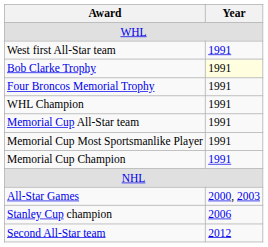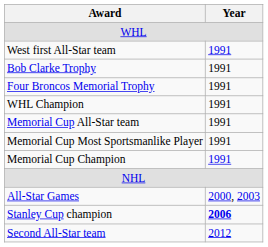 <table class="wikitable">
 <tr>
 <th>Award</th>
 <th>Year</th>
 </tr>
 <tr ALIGN="center" bgcolor="#e0e0e0">
 <td colspan="2"><a href='#'>WHL</a></td>
 </tr>
 <tr>
 <td>West first All-Star team</td>
 <td><a href='#'>1991</a></td>
 </tr>
 <tr>
 <td><a href='#'>Bob Clarke Trophy</a></td>
-<td style="background: lightyellow;">1991</td>
+<td>1991</td>
 </tr>
 <tr>
 <td><a href='#'>Four Broncos Memorial Trophy</a></td>
 <td>1991</td>
 </tr>
 <tr>
 <td>WHL Champion</td>
 <td>1991</td>
 </tr>
 <tr>
 <td><a href='#'>Memorial Cup</a> All-Star team</td>
 <td>1991</td>
 </tr>
 <tr>
 <td>Memorial Cup Most Sportsmanlike Player</td>
 <td>1991</td>
 </tr>
 <tr>
 <td>Memorial Cup Champion</td>
 <td><a href='#'>1991</a></td>
 </tr>
 <tr ALIGN="center" bgcolor="#e0e0e0">
 <td colspan="2"><a href='#'>NHL</a></td>
 </tr>
 <tr>
 <td><a href='#'>All-Star Games</a></td>
 <td><a href='#'>2000</a>, <a href='#'>2003</a></td>
 </tr>
 <tr>
 <td><a href='#'>Stanley Cup</a> champion</td>
-<td><a href='#'>2006</a></td>
+<td><strong><a href='#'>2006</a></strong></td>
 </tr>
 <tr>
 <td><a href='#'>Second All-Star team</a></td>
 <td><a href='#'>2012</a></td>
 </tr>
 </table>
